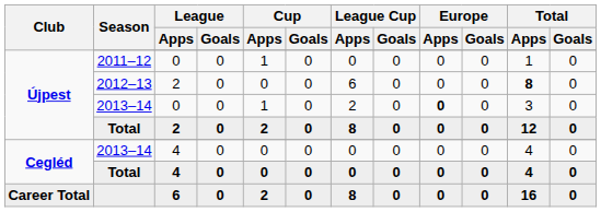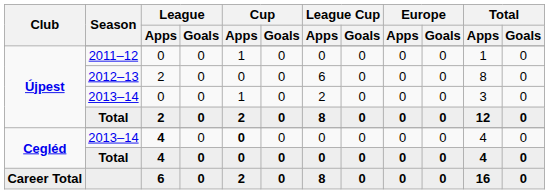 <table class="wikitable" style="font-size:90%; text-align: center;">
 <tr>
 <th rowspan="2">Club</th>
 <th rowspan="2">Season</th>
 <th colspan="2">League</th>
 <th colspan="2">Cup</th>
 <th colspan="2">League Cup</th>
 <th colspan="2">Europe</th>
 <th colspan="2">Total</th>
 </tr>
 <tr>
 <th>Apps</th>
 <th>Goals</th>
 <th>Apps</th>
 <th>Goals</th>
 <th>Apps</th>
 <th>Goals</th>
 <th>Apps</th>
 <th>Goals</th>
 <th>Apps</th>
 <th>Goals</th>
 </tr>
 <tr ||-||-||-|->
 <td rowspan="5" valign="center"><strong><a href='#'>Újpest</a></strong></td>
 </tr>
 <tr>
 <td><a href='#'>2011–12</a></td>
 <td>0</td>
 <td>0</td>
 <td>1</td>
 <td>0</td>
 <td>0</td>
 <td>0</td>
 <td>0</td>
 <td>0</td>
 <td>1</td>
 <td>0</td>
 </tr>
 <tr>
 <td><a href='#'>2012–13</a></td>
 <td>2</td>
 <td>0</td>
 <td>0</td>
 <td>0</td>
 <td>6</td>
 <td>0</td>
 <td>0</td>
 <td>0</td>
-<td><strong>8</strong></td>
+<td>8</td>
 <td>0</td>
 </tr>
 <tr>
 <td><a href='#'>2013–14</a></td>
 <td>0</td>
 <td>0</td>
 <td>1</td>
 <td>0</td>
 <td>2</td>
 <td>0</td>
-<td><strong>0</strong></td>
+<td>0</td>
 <td>0</td>
 <td>3</td>
 <td>0</td>
 </tr>
 <tr style="font-weight:bold; background-color:#eeeeee;">
 <td>Total</td>
 <td>2</td>
 <td>0</td>
 <td>2</td>
 <td>0</td>
 <td>8</td>
 <td>0</td>
 <td>0</td>
 <td>0</td>
 <td>12</td>
 <td>0</td>
 </tr>
 <tr>
 <td rowspan="3" valign="center"><strong><a href='#'>Cegléd</a></strong></td>
 </tr>
 <tr>
 <td><a href='#'>2013–14</a></td>
-<td>4</td>
+<td><strong>4</strong></td>
 <td>0</td>
-<td>0</td>
+<td><strong>0</strong></td>
 <td>0</td>
 <td>0</td>
 <td>0</td>
 <td>0</td>
 <td>0</td>
 <td>4</td>
 <td>0</td>
 </tr>
 <tr style="font-weight:bold; background-color:#eeeeee;">
 <td>Total</td>
 <td>4</td>
 <td>0</td>
 <td>0</td>
 <td>0</td>
 <td>0</td>
 <td>0</td>
 <td>0</td>
 <td>0</td>
 <td>4</td>
 <td>0</td>
 </tr>
 <tr style="font-weight:bold; background-color:#eeeeee;">
 <td rowspan="1" valign="top"><strong>Career Total</strong></td>
 <td></td>
 <td><strong>6</strong></td>
 <td><strong>0</strong></td>
 <td><strong>2</strong></td>
 <td><strong>0</strong></td>
 <td><strong>8</strong></td>
 <td><strong>0</strong></td>
 <td><strong>0</strong></td>
 <td><strong>0</strong></td>
 <td><strong>16</strong></td>
 <td><strong>0</strong></td>
 </tr>
 </table>
